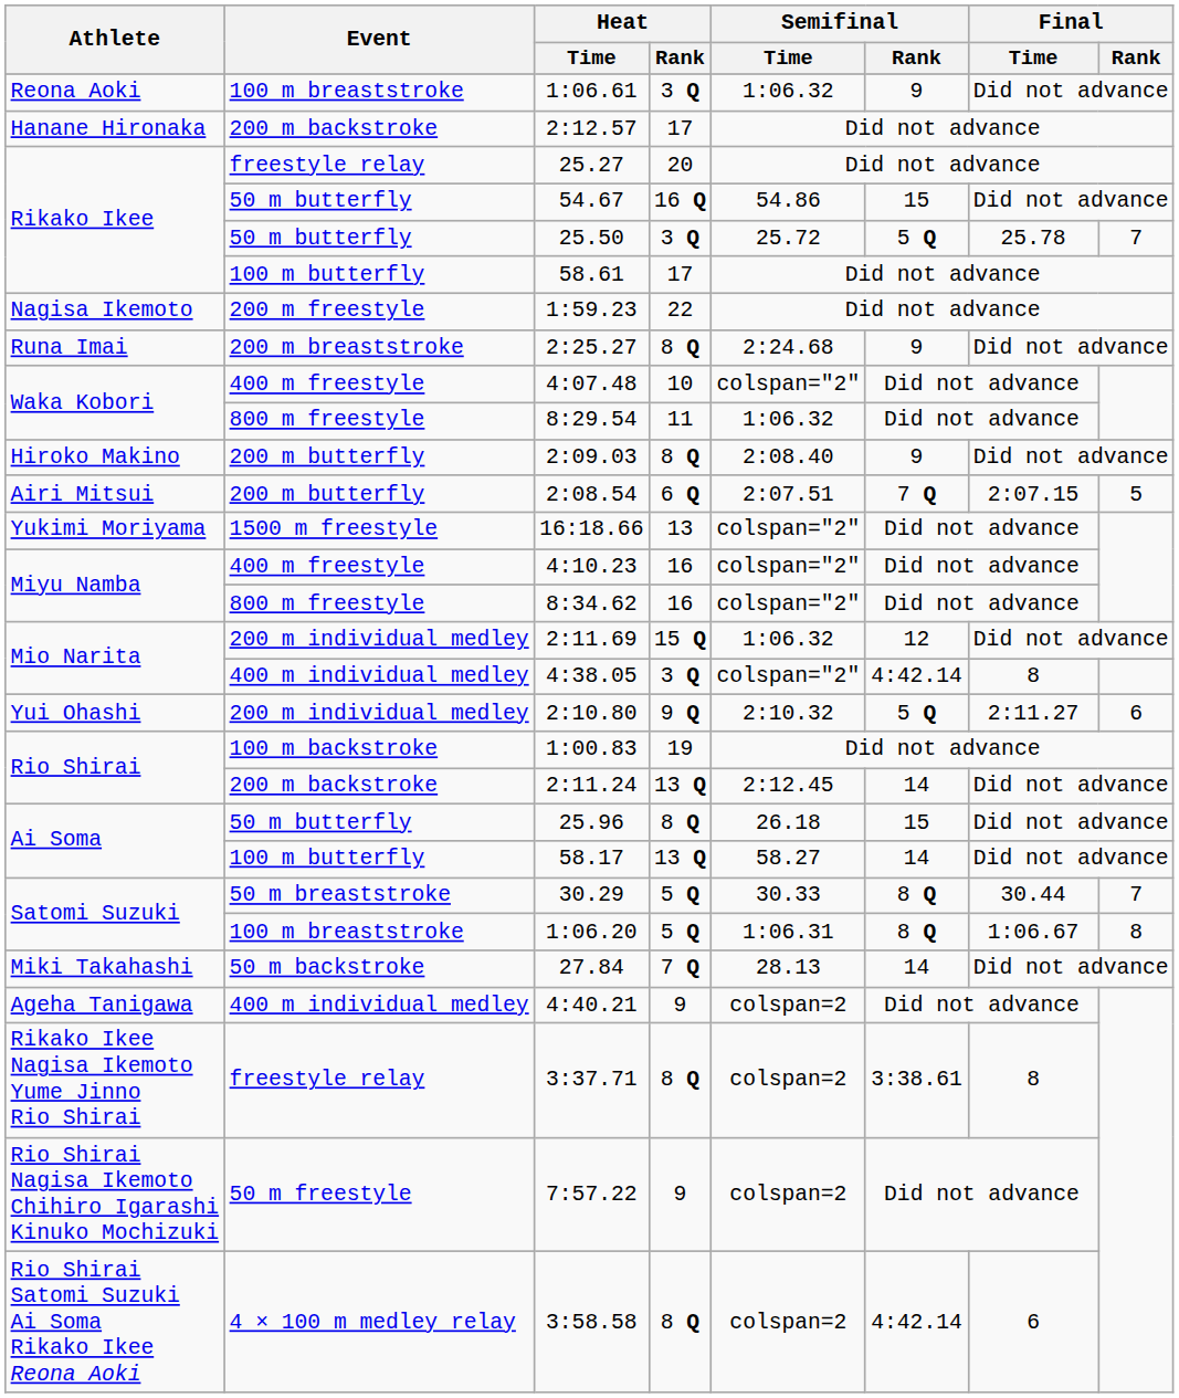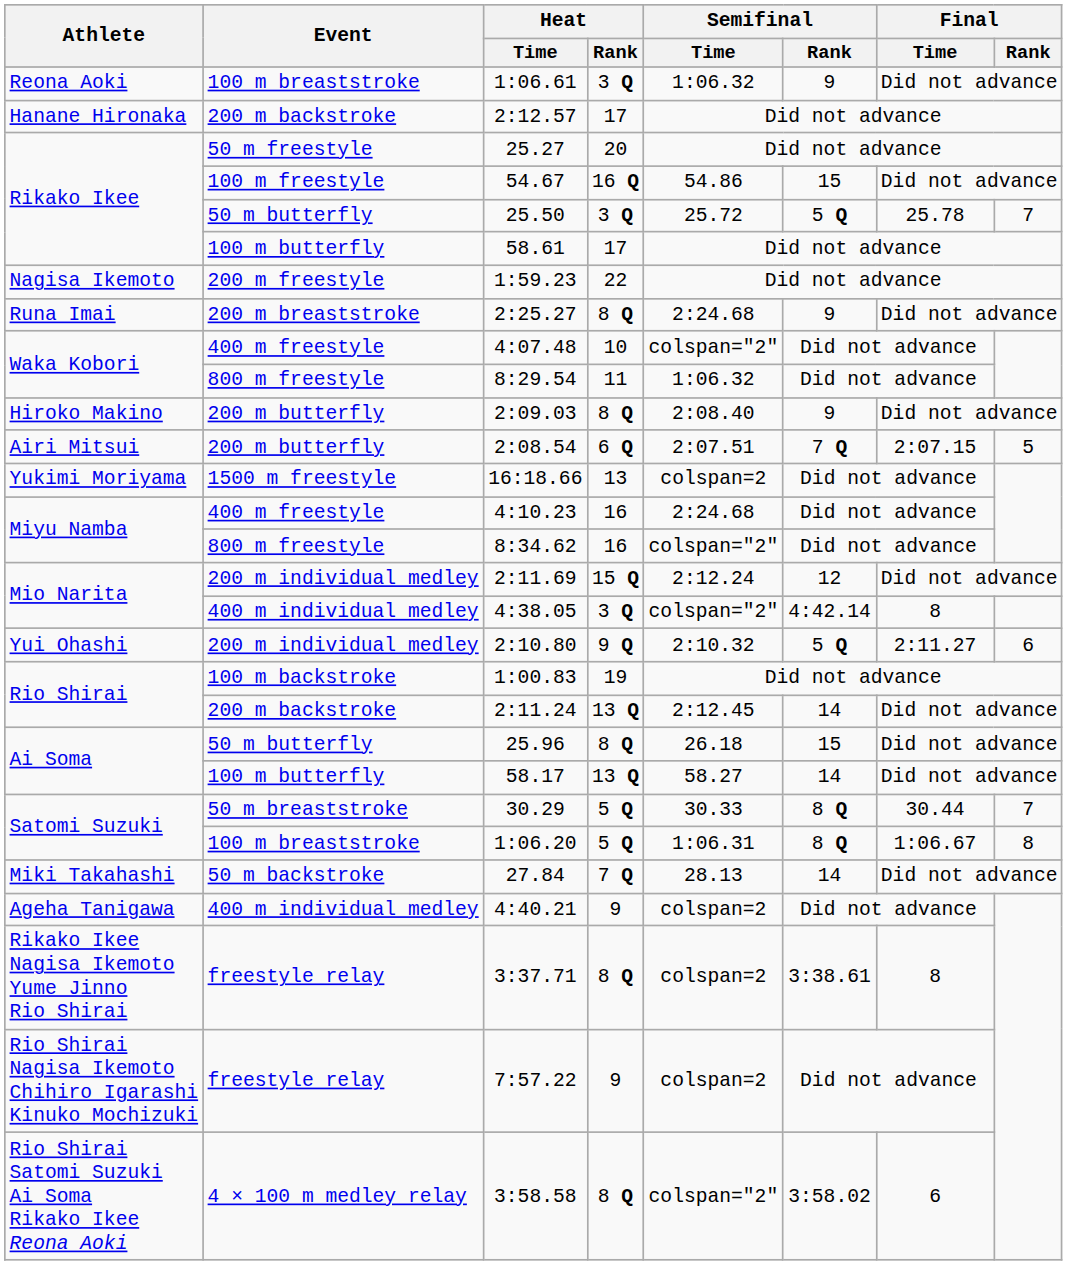 <table class="wikitable" style="text-align:center; font-size:90%;">
 <tr>
 <th rowspan="2">Athlete</th>
 <th rowspan="2">Event</th>
 <th colspan="2">Heat</th>
 <th colspan="2">Semifinal</th>
 <th colspan="2">Final</th>
 </tr>
 <tr style="font-size:95%">
 <th>Time</th>
 <th>Rank</th>
 <th>Time</th>
 <th>Rank</th>
 <th>Time</th>
 <th>Rank</th>
 </tr>
 <tr>
 <td align=left><a href='#'>Reona Aoki</a></td>
 <td align=left><a href='#'>100 m breaststroke</a></td>
 <td>1:06.61</td>
 <td>3 <strong>Q</strong></td>
 <td>1:06.32</td>
 <td>9</td>
 <td colspan=2>Did not advance</td>
 </tr>
 <tr>
 <td align=left><a href='#'>Hanane Hironaka</a></td>
 <td align=left><a href='#'>200 m backstroke</a></td>
 <td>2:12.57</td>
 <td>17</td>
 <td colspan=4>Did not advance</td>
 </tr>
 <tr>
 <td align=left rowspan=4><a href='#'>Rikako Ikee</a></td>
-<td align=left><a href='#'> freestyle relay</a></td>
+<td align=left><a href='#'>50 m freestyle</a></td>
 <td>25.27</td>
 <td>20</td>
 <td colspan=4>Did not advance</td>
 </tr>
 <tr>
-<td align=left><a href='#'>50 m butterfly</a></td>
+<td align=left><a href='#'>100 m freestyle</a></td>
 <td>54.67</td>
 <td>16 <strong>Q</strong></td>
 <td>54.86</td>
 <td>15</td>
 <td colspan="2">Did not advance</td>
 </tr>
 <tr>
 <td align=left><a href='#'>50 m butterfly</a></td>
 <td>25.50</td>
 <td>3 <strong>Q</strong></td>
 <td>25.72</td>
 <td>5 <strong>Q</strong></td>
 <td>25.78</td>
 <td>7</td>
 </tr>
 <tr>
 <td align=left><a href='#'>100 m butterfly</a></td>
 <td>58.61</td>
 <td>17</td>
 <td colspan="4">Did not advance</td>
 </tr>
 <tr>
 <td align=left><a href='#'>Nagisa Ikemoto</a></td>
 <td align=left><a href='#'>200 m freestyle</a></td>
 <td>1:59.23</td>
 <td>22</td>
 <td colspan=4>Did not advance</td>
 </tr>
 <tr>
 <td align=left><a href='#'>Runa Imai</a></td>
 <td align=left><a href='#'>200 m breaststroke</a></td>
 <td>2:25.27</td>
 <td>8 <strong>Q</strong></td>
 <td>2:24.68</td>
 <td>9</td>
 <td colspan=2>Did not advance</td>
 </tr>
 <tr>
 <td align=left rowspan=2><a href='#'>Waka Kobori</a></td>
 <td align=left><a href='#'>400 m freestyle</a></td>
 <td>4:07.48</td>
 <td>10</td>
 <td>colspan="2" </td>
 <td colspan="2">Did not advance</td>
 </tr>
 <tr>
 <td align=left><a href='#'>800 m freestyle</a></td>
 <td>8:29.54</td>
 <td>11</td>
 <td>1:06.32</td>
 <td colspan="2">Did not advance</td>
 </tr>
 <tr>
 <td align=left><a href='#'>Hiroko Makino</a></td>
 <td align=left><a href='#'>200 m butterfly</a></td>
 <td>2:09.03</td>
 <td>8 <strong>Q</strong></td>
 <td>2:08.40</td>
 <td>9</td>
 <td colspan="2">Did not advance</td>
 </tr>
 <tr>
 <td align=left><a href='#'>Airi Mitsui</a></td>
 <td align=left><a href='#'>200 m butterfly</a></td>
 <td>2:08.54</td>
 <td>6 <strong>Q</strong></td>
 <td>2:07.51</td>
 <td>7 <strong>Q</strong></td>
 <td>2:07.15</td>
 <td>5</td>
 </tr>
 <tr>
 <td align=left><a href='#'>Yukimi Moriyama</a></td>
 <td align=left><a href='#'>1500 m freestyle</a></td>
 <td>16:18.66</td>
 <td>13</td>
-<td>colspan="2" </td>
+<td>colspan=2 </td>
 <td colspan="2">Did not advance</td>
 </tr>
 <tr>
 <td align=left rowspan=2><a href='#'>Miyu Namba</a></td>
 <td align=left><a href='#'>400 m  freestyle</a></td>
 <td>4:10.23</td>
 <td>16</td>
-<td>colspan="2" </td>
+<td>2:24.68</td>
 <td colspan="2">Did not advance</td>
 </tr>
 <tr>
 <td align=left><a href='#'>800 m freestyle</a></td>
 <td>8:34.62</td>
 <td>16</td>
 <td>colspan="2" </td>
 <td colspan="2">Did not advance</td>
 </tr>
 <tr>
 <td align=left rowspan=2><a href='#'>Mio Narita</a></td>
 <td align=left><a href='#'>200 m individual medley</a></td>
 <td>2:11.69</td>
 <td>15 <strong>Q</strong></td>
-<td>1:06.32</td>
+<td>2:12.24</td>
 <td>12</td>
 <td colspan="2">Did not advance</td>
 </tr>
 <tr>
 <td align=left><a href='#'>400 m individual medley</a></td>
 <td>4:38.05</td>
 <td>3 <strong>Q</strong></td>
 <td>colspan="2" </td>
 <td>4:42.14</td>
 <td>8</td>
 </tr>
 <tr>
 <td align=left><a href='#'>Yui Ohashi</a></td>
 <td align=left><a href='#'>200 m individual medley</a></td>
 <td>2:10.80</td>
 <td>9 <strong>Q</strong></td>
 <td>2:10.32</td>
 <td>5 <strong>Q</strong></td>
 <td>2:11.27</td>
 <td>6</td>
 </tr>
 <tr>
 <td align=left rowspan=2><a href='#'>Rio Shirai</a></td>
 <td align=left><a href='#'>100 m backstroke</a></td>
 <td>1:00.83</td>
 <td>19</td>
 <td colspan=4>Did not advance</td>
 </tr>
 <tr>
 <td align=left><a href='#'>200 m backstroke</a></td>
 <td>2:11.24</td>
 <td>13 <strong>Q</strong></td>
 <td>2:12.45</td>
 <td>14</td>
 <td colspan=2>Did not advance</td>
 </tr>
 <tr>
 <td align=left rowspan=2><a href='#'>Ai Soma</a></td>
 <td align=left><a href='#'>50 m butterfly</a></td>
 <td>25.96</td>
 <td>8 <strong>Q</strong></td>
 <td>26.18</td>
 <td>15</td>
 <td colspan="2">Did not advance</td>
 </tr>
 <tr>
 <td align=left><a href='#'>100 m butterfly</a></td>
 <td>58.17</td>
 <td>13 <strong>Q</strong></td>
 <td>58.27</td>
 <td>14</td>
 <td colspan="2">Did not advance</td>
 </tr>
 <tr>
 <td align=left rowspan=2><a href='#'>Satomi Suzuki</a></td>
 <td align=left><a href='#'>50 m breaststroke</a></td>
 <td>30.29</td>
 <td>5 <strong>Q</strong></td>
 <td>30.33</td>
 <td>8 <strong>Q</strong></td>
 <td>30.44</td>
 <td>7</td>
 </tr>
 <tr>
 <td align=left><a href='#'>100 m breaststroke</a></td>
 <td>1:06.20</td>
 <td>5 <strong>Q</strong></td>
 <td>1:06.31</td>
 <td>8 <strong>Q</strong></td>
 <td>1:06.67</td>
 <td>8</td>
 </tr>
 <tr>
 <td align=left><a href='#'>Miki Takahashi</a></td>
 <td align=left><a href='#'>50 m backstroke</a></td>
 <td>27.84</td>
 <td>7 <strong>Q</strong></td>
 <td>28.13</td>
 <td>14</td>
 <td colspan=2>Did not advance</td>
 </tr>
 <tr>
 <td align=left><a href='#'>Ageha Tanigawa</a></td>
 <td align=left><a href='#'>400 m individual medley</a></td>
 <td>4:40.21</td>
 <td>9</td>
 <td>colspan=2 </td>
 <td colspan=2>Did not advance</td>
 </tr>
 <tr>
 <td align=left><a href='#'>Rikako Ikee</a><br> <a href='#'>Nagisa Ikemoto</a><br> <a href='#'>Yume Jinno</a><br> <a href='#'>Rio Shirai</a></td>
 <td align=left><a href='#'> freestyle relay</a></td>
 <td>3:37.71</td>
 <td>8 <strong>Q</strong></td>
 <td>colspan=2 </td>
 <td>3:38.61</td>
 <td>8</td>
 </tr>
 <tr>
 <td align=left><a href='#'>Rio Shirai</a> <br><a href='#'>Nagisa Ikemoto</a><br><a href='#'>Chihiro Igarashi</a> <br><a href='#'>Kinuko Mochizuki</a></td>
-<td align=left><a href='#'>50 m freestyle</a></td>
+<td align=left><a href='#'> freestyle relay</a></td>
 <td>7:57.22</td>
 <td>9</td>
 <td>colspan=2 </td>
 <td colspan=2>Did not advance</td>
 </tr>
 <tr>
 <td align=left><a href='#'>Rio Shirai</a> <br><a href='#'>Satomi Suzuki</a> <br><a href='#'>Ai Soma</a><br><a href='#'>Rikako Ikee</a><br><em><a href='#'>Reona Aoki</a></em></td>
 <td align=left><a href='#'>4 × 100 m medley relay</a></td>
 <td>3:58.58</td>
 <td>8 <strong>Q</strong></td>
-<td>colspan=2 </td>
-<td>4:42.14</td>
+<td>colspan="2" </td>
+<td>3:58.02</td>
 <td>6</td>
 </tr>
 </table>
